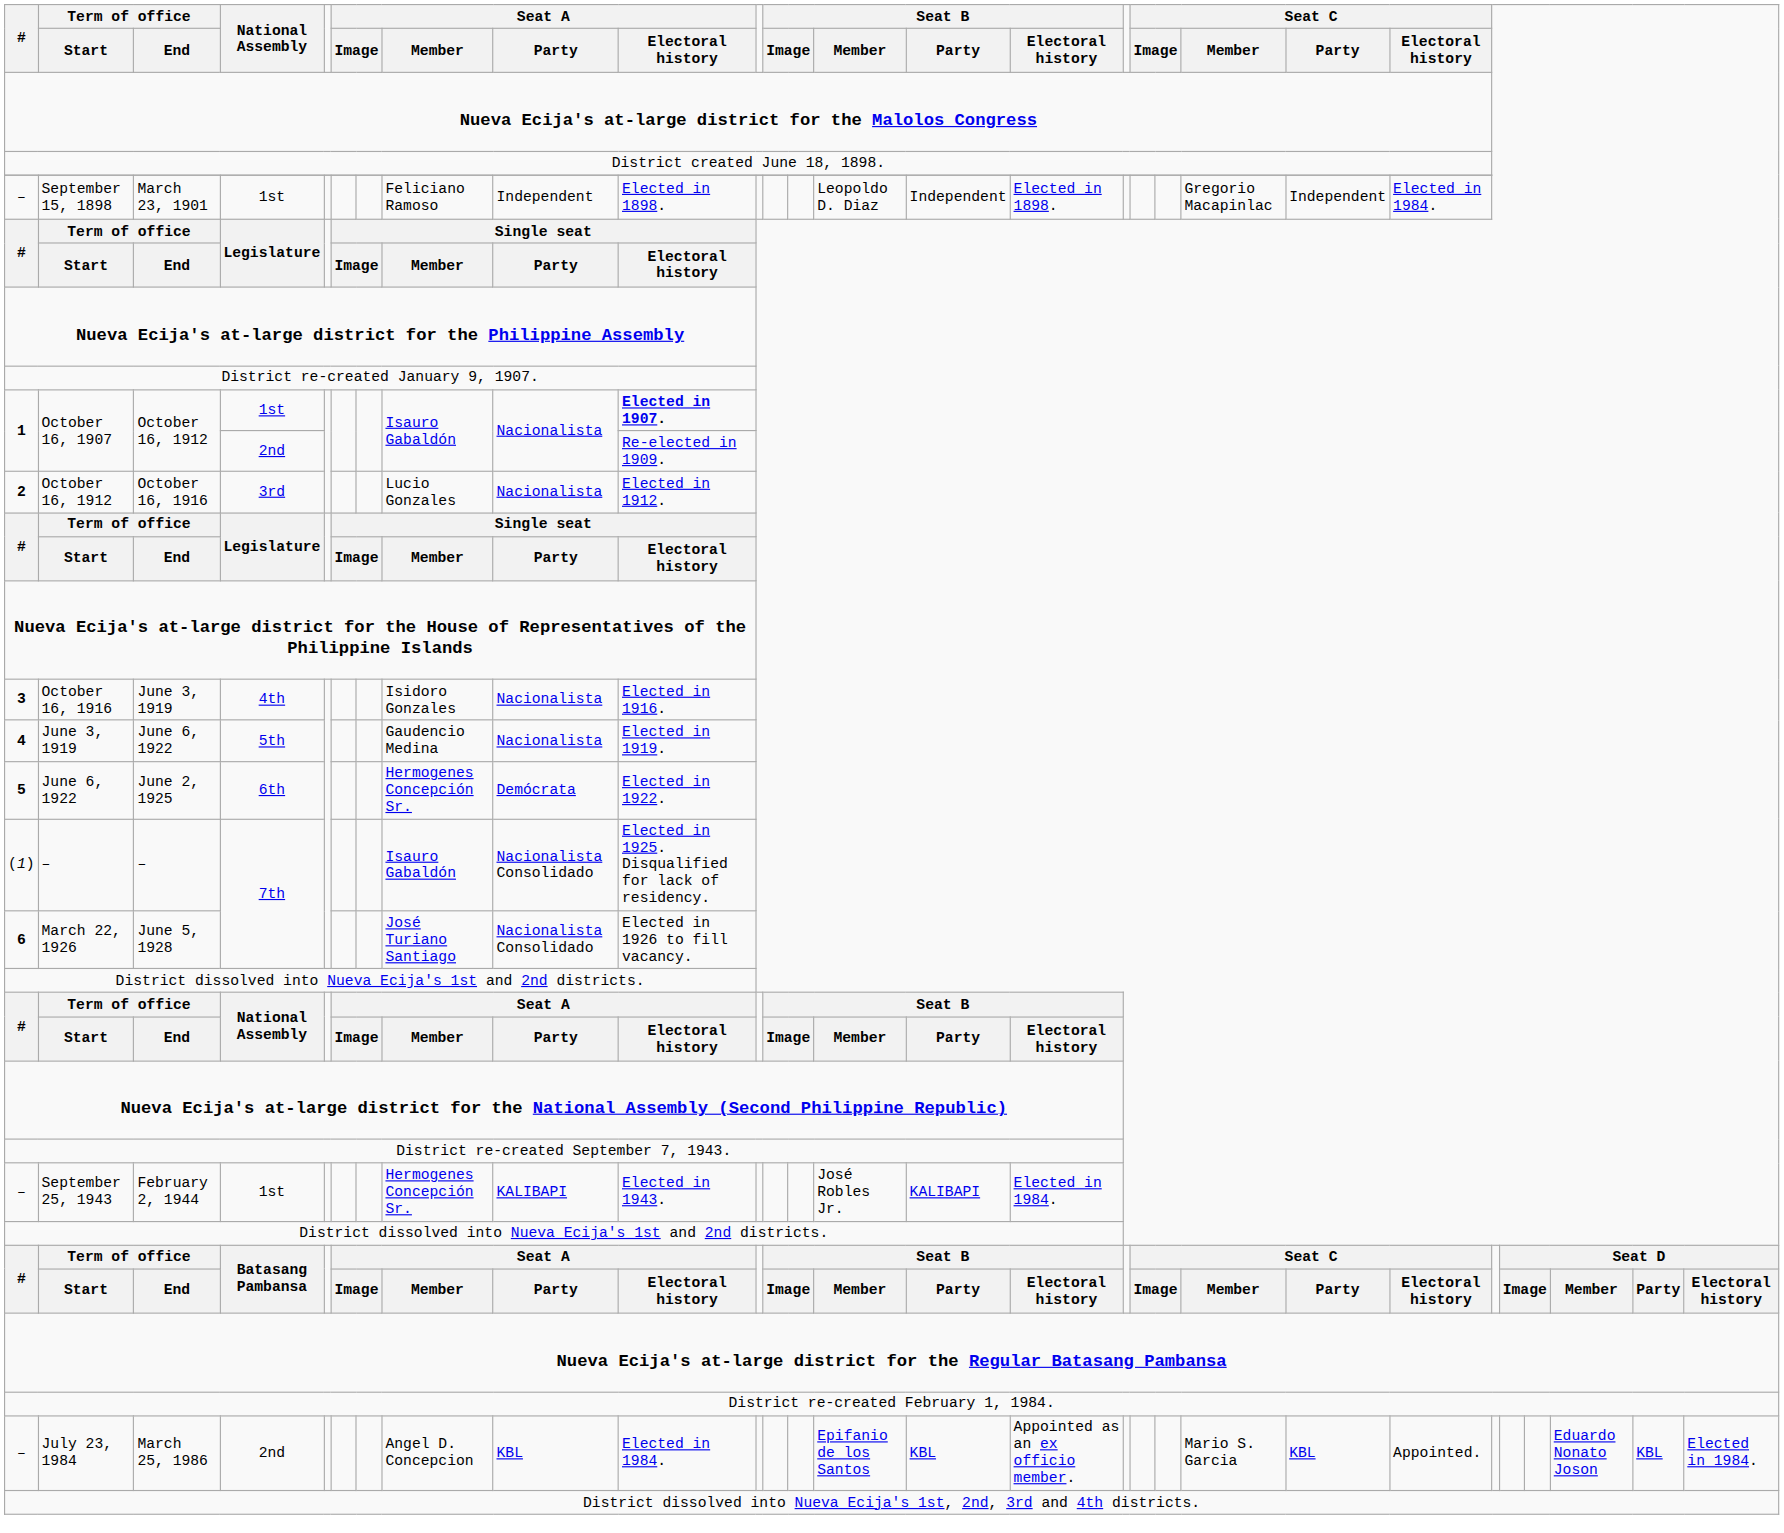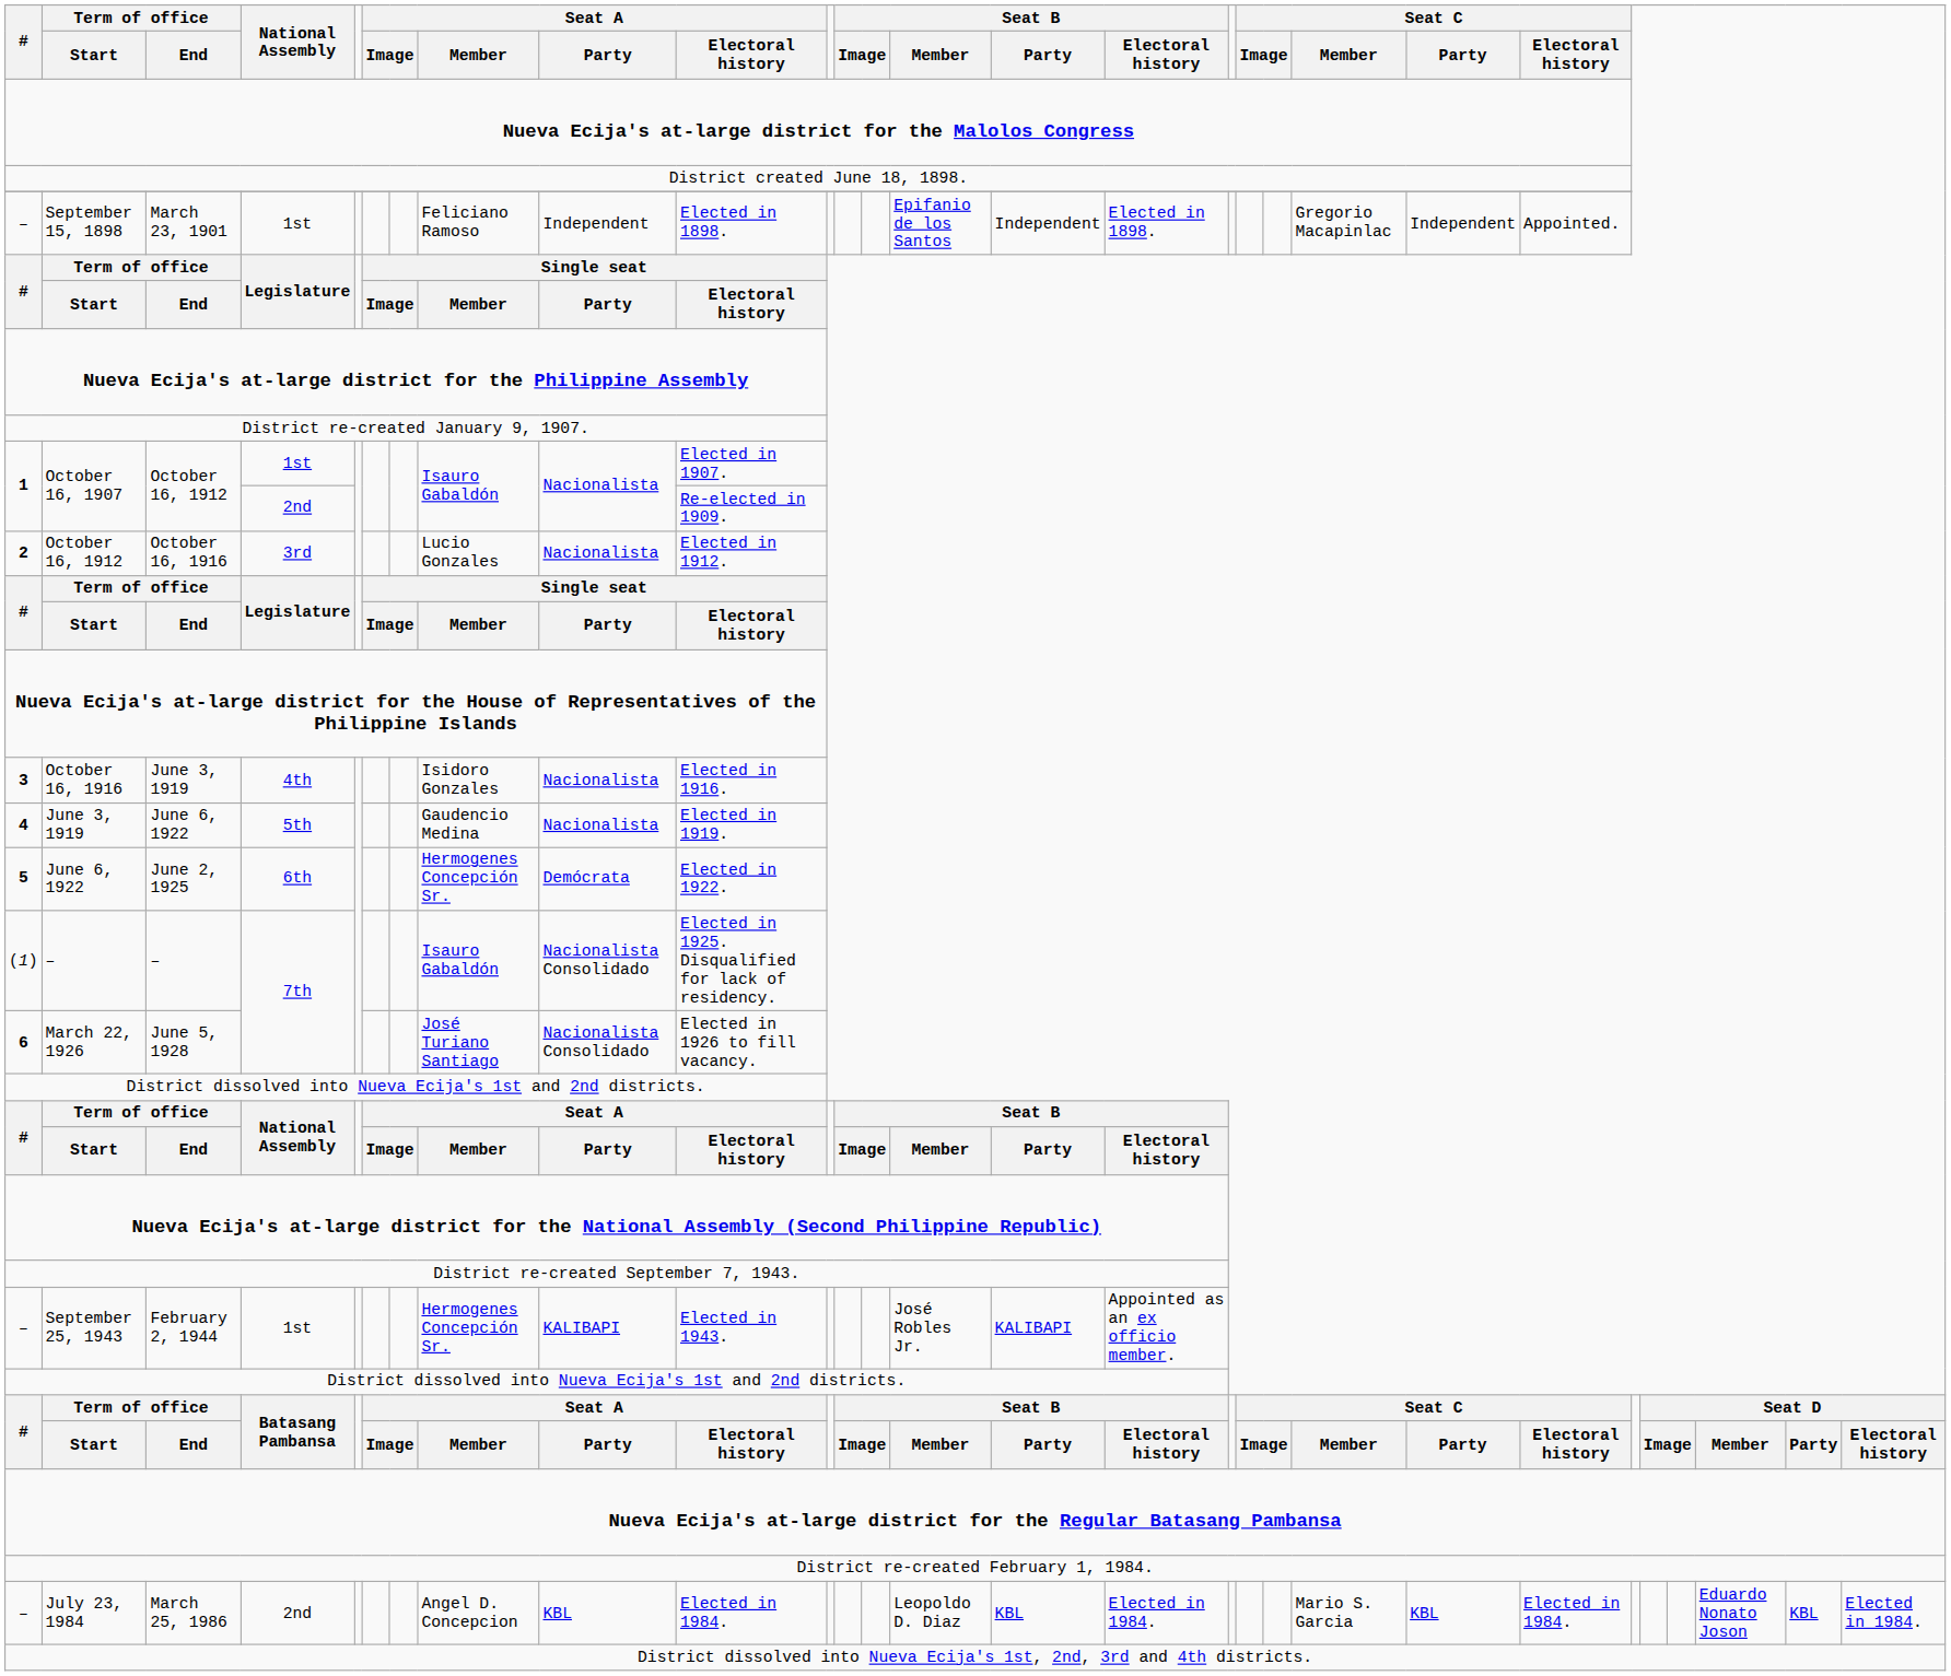 <table class=wikitable>
 <tr>
 <th rowspan=2>#</th>
 <th colspan=2>Term of office</th>
 <th rowspan=2>National<br>Assembly</th>
 <td rowspan=2></td>
 <th colspan=5>Seat A</th>
 <td rowspan=2></td>
 <th colspan=5>Seat B</th>
 <td rowspan=2></td>
 <th colspan=5>Seat C</th>
 </tr>
 <tr style="height:3em">
 <th>Start</th>
 <th>End</th>
 <th colspan="2" style="text-align:center;">Image</th>
 <th>Member</th>
 <th>Party</th>
 <th>Electoral history</th>
 <th colspan="2" style="text-align:center;">Image</th>
 <th>Member</th>
 <th>Party</th>
 <th>Electoral history</th>
 <th colspan="2" style="text-align:center;">Image</th>
 <th>Member</th>
 <th>Party</th>
 <th>Electoral history</th>
 </tr>
 <tr>
 <td colspan="22" style="text-align:center;"><br><h3>Nueva Ecija's at-large district for the <a href='#'>Malolos Congress</a></h3></td>
 </tr>
 <tr>
 <td colspan="22" style="text-align:center;">District created June 18, 1898.</td>
 </tr>
 <tr>
 </tr>
 <tr style="height:3em">
 <td style="text-align:center;">–</td>
 <td>September 15, 1898</td>
 <td>March 23, 1901</td>
 <td style="text-align:center;">1st</td>
 <td></td>
 <td style="background:"></td>
 <td></td>
 <td>Feliciano Ramoso</td>
 <td>Independent</td>
 <td><a href='#'>Elected in 1898</a>.</td>
 <td></td>
 <td style="background:"></td>
 <td></td>
-<td>Leopoldo D. Diaz</td>
+<td><a href='#'>Epifanio de los Santos</a></td>
 <td>Independent</td>
 <td><a href='#'>Elected in 1898</a>.</td>
 <td></td>
 <td style="background:"></td>
 <td></td>
 <td>Gregorio Macapinlac</td>
 <td>Independent</td>
-<td><a href='#'>Elected in 1984</a>.</td>
+<td>Appointed.</td>
 </tr>
 <tr>
 <th rowspan=2>#</th>
 <th colspan=2>Term of office</th>
 <th rowspan=2>Legislature</th>
 <td rowspan=2></td>
 <th colspan=5>Single seat</th>
 </tr>
 <tr style="height:3em">
 <th>Start</th>
 <th>End</th>
 <th colspan="2" style="text-align:center;">Image</th>
 <th>Member</th>
 <th>Party</th>
 <th>Electoral history</th>
 </tr>
 <tr>
 <td colspan="10" style="text-align:center;"><br><h3>Nueva Ecija's at-large district for the <a href='#'>Philippine Assembly</a></h3></td>
 </tr>
 <tr>
 <td colspan="10" style="text-align:center;">District re-created January 9, 1907.</td>
 </tr>
 <tr>
 <td rowspan="2" style="text-align:center;"><strong>1</strong></td>
 <td rowspan="2">October 16, 1907</td>
 <td rowspan="2">October 16, 1912</td>
 <td style="text-align:center;"><a href='#'>1st</a></td>
 <td rowspan="3"></td>
 <td rowspan="2" style="background:"></td>
 <td rowspan="2"></td>
 <td rowspan="2"><a href='#'>Isauro Gabaldón</a></td>
 <td rowspan="2"><a href='#'>Nacionalista</a></td>
-<td><strong><a href='#'>Elected in 1907</a>.</strong></td>
+<td><a href='#'>Elected in 1907</a>.</td>
 </tr>
 <tr>
 <td style="text-align:center;"><a href='#'>2nd</a></td>
 <td><a href='#'>Re-elected in 1909</a>.</td>
 </tr>
 <tr>
 <td style="text-align:center;"><strong>2</strong></td>
 <td>October 16, 1912</td>
 <td>October 16, 1916</td>
 <td style="text-align:center;"><a href='#'>3rd</a></td>
 <td style="background:"></td>
 <td></td>
 <td>Lucio Gonzales</td>
 <td><a href='#'>Nacionalista</a></td>
 <td><a href='#'>Elected in 1912</a>.</td>
 </tr>
 <tr>
 <th rowspan=2>#</th>
 <th colspan=2>Term of office</th>
 <th rowspan=2>Legislature</th>
 <td rowspan=2></td>
 <th colspan=5>Single seat</th>
 </tr>
 <tr style="height:3em">
 <th>Start</th>
 <th>End</th>
 <th colspan="2" style="text-align:center;">Image</th>
 <th>Member</th>
 <th>Party</th>
 <th>Electoral history</th>
 </tr>
 <tr>
 <td colspan="10" style="text-align:center;"><br><h3>Nueva Ecija's at-large district for the House of Representatives of the Philippine Islands</h3></td>
 </tr>
 <tr>
 <td style="text-align:center;"><strong>3</strong></td>
 <td>October 16, 1916</td>
 <td>June 3, 1919</td>
 <td style="text-align:center;"><a href='#'>4th</a></td>
 <td rowspan=5></td>
 <td style="background:"></td>
 <td></td>
 <td>Isidoro Gonzales</td>
 <td><a href='#'>Nacionalista</a></td>
 <td><a href='#'>Elected in 1916</a>.</td>
 </tr>
 <tr>
 <td style="text-align:center;"><strong>4</strong></td>
 <td>June 3, 1919</td>
 <td>June 6, 1922</td>
 <td style="text-align:center;"><a href='#'>5th</a></td>
 <td style="background:"></td>
 <td></td>
 <td>Gaudencio Medina</td>
 <td><a href='#'>Nacionalista</a></td>
 <td><a href='#'>Elected in 1919</a>.</td>
 </tr>
 <tr>
 <td style="text-align:center;"><strong>5</strong></td>
 <td>June 6, 1922</td>
 <td>June 2, 1925</td>
 <td style="text-align:center;"><a href='#'>6th</a></td>
 <td style="background:"></td>
 <td></td>
 <td><a href='#'>Hermogenes Concepción Sr.</a></td>
 <td><a href='#'>Demócrata</a></td>
 <td><a href='#'>Elected in 1922</a>.</td>
 </tr>
 <tr>
 <td style="text-align:center;">(<em>1</em>)</td>
 <td>–</td>
 <td>–</td>
 <td rowspan="2" style="text-align:center;"><a href='#'>7th</a></td>
 <td style="background:"></td>
 <td></td>
 <td><a href='#'>Isauro Gabaldón</a></td>
 <td><a href='#'>Nacionalista</a> Consolidado</td>
 <td><a href='#'>Elected in 1925</a>.<br> Disqualified for lack of residency.<br> </td>
 </tr>
 <tr>
 <td style="text-align:center;"><strong>6</strong></td>
 <td>March 22, 1926</td>
 <td>June 5, 1928</td>
 <td style="background:"></td>
 <td></td>
 <td><a href='#'>José Turiano Santiago</a></td>
 <td><a href='#'>Nacionalista</a><br>Consolidado</td>
 <td>Elected in 1926 to fill vacancy.</td>
 </tr>
 <tr>
 <td colspan="10" style="text-align:center;">District dissolved into <a href='#'>Nueva Ecija's 1st</a> and <a href='#'>2nd</a> districts.</td>
 </tr>
 <tr>
 <th rowspan=2>#</th>
 <th colspan=2>Term of office</th>
 <th rowspan=2>National<br>Assembly</th>
 <td rowspan=2></td>
 <th colspan=5>Seat A</th>
 <td rowspan=2></td>
 <th colspan=5>Seat B</th>
 </tr>
 <tr style="height:3em">
 <th>Start</th>
 <th>End</th>
 <th colspan="2" style="text-align:center;">Image</th>
 <th>Member</th>
 <th>Party</th>
 <th>Electoral history</th>
 <th colspan="2" style="text-align:center;">Image</th>
 <th>Member</th>
 <th>Party</th>
 <th>Electoral history</th>
 </tr>
 <tr>
 <td colspan="16" style="text-align:center;"><br><h3>Nueva Ecija's at-large district for the <a href='#'>National Assembly (Second Philippine Republic)</a></h3></td>
 </tr>
 <tr>
 <td colspan="16" style="text-align:center;">District re-created September 7, 1943.</td>
 </tr>
 <tr>
 <td style="text-align:center;">–</td>
 <td>September 25, 1943</td>
 <td>February 2, 1944</td>
 <td style="text-align:center;">1st</td>
 <td></td>
 <td style="background:"></td>
 <td></td>
 <td><a href='#'>Hermogenes Concepción Sr.</a></td>
 <td><a href='#'>KALIBAPI</a></td>
 <td><a href='#'>Elected in 1943</a>.</td>
 <td></td>
 <td style="background:"></td>
 <td></td>
 <td>José Robles Jr.</td>
 <td><a href='#'>KALIBAPI</a></td>
-<td><a href='#'>Elected in 1984</a>.</td>
+<td>Appointed as an <a href='#'>ex officio member</a>.</td>
 </tr>
 <tr>
 <td colspan="16" style="text-align:center;">District dissolved into <a href='#'>Nueva Ecija's 1st</a> and <a href='#'>2nd</a> districts.</td>
 </tr>
 <tr>
 <th rowspan=2>#</th>
 <th colspan=2>Term of office</th>
 <th rowspan=2>Batasang<br>Pambansa</th>
 <td rowspan=2></td>
 <th colspan=5>Seat A</th>
 <td rowspan=2></td>
 <th colspan=5>Seat B</th>
 <td rowspan=2></td>
 <th colspan=5>Seat C</th>
 <td rowspan=2></td>
 <th colspan=5>Seat D</th>
 </tr>
 <tr style="height:3em">
 <th>Start</th>
 <th>End</th>
 <th colspan="2" style="text-align:center;">Image</th>
 <th>Member</th>
 <th>Party</th>
 <th>Electoral history</th>
 <th colspan="2" style="text-align:center;">Image</th>
 <th>Member</th>
 <th>Party</th>
 <th>Electoral history</th>
 <th colspan="2" style="text-align:center;">Image</th>
 <th>Member</th>
 <th>Party</th>
 <th>Electoral history</th>
 <th colspan="2" style="text-align:center;">Image</th>
 <th>Member</th>
 <th>Party</th>
 <th>Electoral history</th>
 </tr>
 <tr>
 <td colspan="28" style="text-align:center;"><br><h3>Nueva Ecija's at-large district for the <a href='#'>Regular Batasang Pambansa</a></h3></td>
 </tr>
 <tr>
 <td colspan="28" style="text-align:center;">District re-created February 1, 1984.</td>
 </tr>
 <tr style="height:3em">
 <td style="text-align:center;">–</td>
 <td>July 23, 1984</td>
 <td>March 25, 1986</td>
 <td style="text-align:center;">2nd</td>
 <td></td>
 <td style="background:"></td>
 <td></td>
 <td>Angel D. Concepcion</td>
 <td><a href='#'>KBL</a></td>
 <td><a href='#'>Elected in 1984</a>.</td>
 <td></td>
 <td style="background:"></td>
 <td></td>
-<td><a href='#'>Epifanio de los Santos</a></td>
+<td>Leopoldo D. Diaz</td>
 <td><a href='#'>KBL</a></td>
-<td>Appointed as an <a href='#'>ex officio member</a>.</td>
+<td><a href='#'>Elected in 1984</a>.</td>
 <td></td>
 <td style="background:"></td>
 <td></td>
 <td>Mario S. Garcia</td>
 <td><a href='#'>KBL</a></td>
-<td>Appointed.</td>
+<td><a href='#'>Elected in 1984</a>.</td>
 <td></td>
 <td style="background:"></td>
 <td></td>
 <td><a href='#'>Eduardo Nonato Joson</a></td>
 <td><a href='#'>KBL</a></td>
 <td><a href='#'>Elected in 1984</a>.</td>
 </tr>
 <tr>
 <td colspan="28" style="text-align:center;">District dissolved into <a href='#'>Nueva Ecija's 1st</a>, <a href='#'>2nd</a>, <a href='#'>3rd</a> and <a href='#'>4th</a> districts.</td>
 </tr>
 </table>
